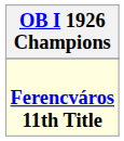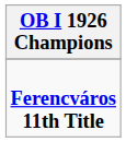 <table class="wikitable" style="text-align: center; margin: 0 auto;">
 <tr>
 <th><a href='#'>OB I</a> 1926<br>Champions</th>
 </tr>
 <tr>
 </tr>
 <tr>
-<td style="background: lightyellow;"> <br><strong><a href='#'>Ferencváros</a></strong><br><strong>11th Title</strong></td>
+<td> <br><strong><a href='#'>Ferencváros</a></strong><br><strong>11th Title</strong></td>
 </tr>
 </table>
